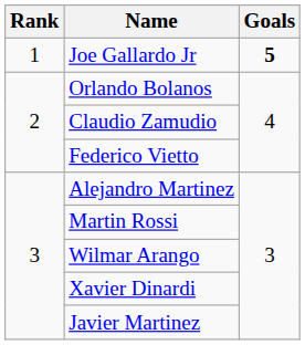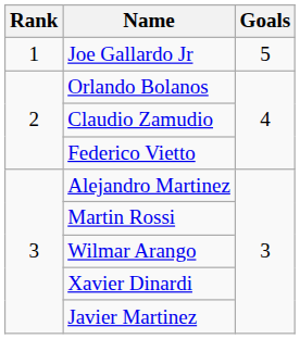 <table class="wikitable" style="text-align: center;">
 <tr>
 <th>Rank</th>
 <th>Name</th>
 <th>Goals</th>
 </tr>
 <tr>
 <td rowspan=1>1</td>
 <td align="left"> <a href='#'>Joe Gallardo Jr</a></td>
-<td align="center"><strong>5</strong></td>
+<td align="center">5</td>
 </tr>
 <tr>
 <td rowspan=3>2</td>
 <td align="left"> <a href='#'>Orlando Bolanos</a></td>
 <td rowspan=3 align="center">4</td>
 </tr>
 <tr>
 <td align="left"> <a href='#'>Claudio Zamudio</a></td>
 </tr>
 <tr>
 <td align="left"> <a href='#'>Federico Vietto</a></td>
 </tr>
 <tr>
 <td rowspan=6>3</td>
 <td align="left"> <a href='#'>Alejandro Martinez</a></td>
 <td rowspan=6 align="center">3</td>
 </tr>
 <tr>
 <td align="left"> <a href='#'>Martin Rossi</a></td>
 </tr>
 <tr>
 <td align="left"> <a href='#'>Wilmar Arango</a></td>
 </tr>
 <tr>
 <td align="left"> <a href='#'>Xavier Dinardi</a></td>
 </tr>
 <tr>
 <td align="left"> <a href='#'>Javier Martinez</a></td>
 </tr>
 </table>
